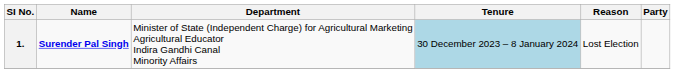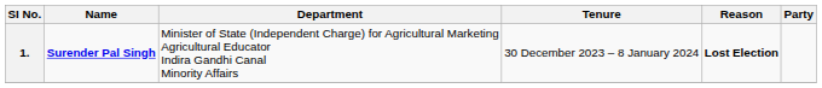 <table class="wikitable sortable">
 <tr>
 <th>SI No.</th>
 <th>Name</th>
 <th>Department</th>
 <th>Tenure</th>
 <th>Reason</th>
 <th colspan="2" scope="col">Party</th>
 </tr>
 <tr>
 <th>1.</th>
 <td><strong><a href='#'>Surender Pal Singh</a></strong></td>
 <td>Minister of State (Independent Charge) for Agricultural Marketing<br>Agricultural Educator<br>Indira Gandhi Canal<br>Minority Affairs</td>
-<td style="background: lightblue;">30 December 2023 – 8 January 2024</td>
-<td>Lost Election</td>
+<td>30 December 2023 – 8 January 2024</td>
+<td><strong>Lost Election</strong></td>
 <td></td>
 </tr>
 <tr>
 </tr>
 </table>
